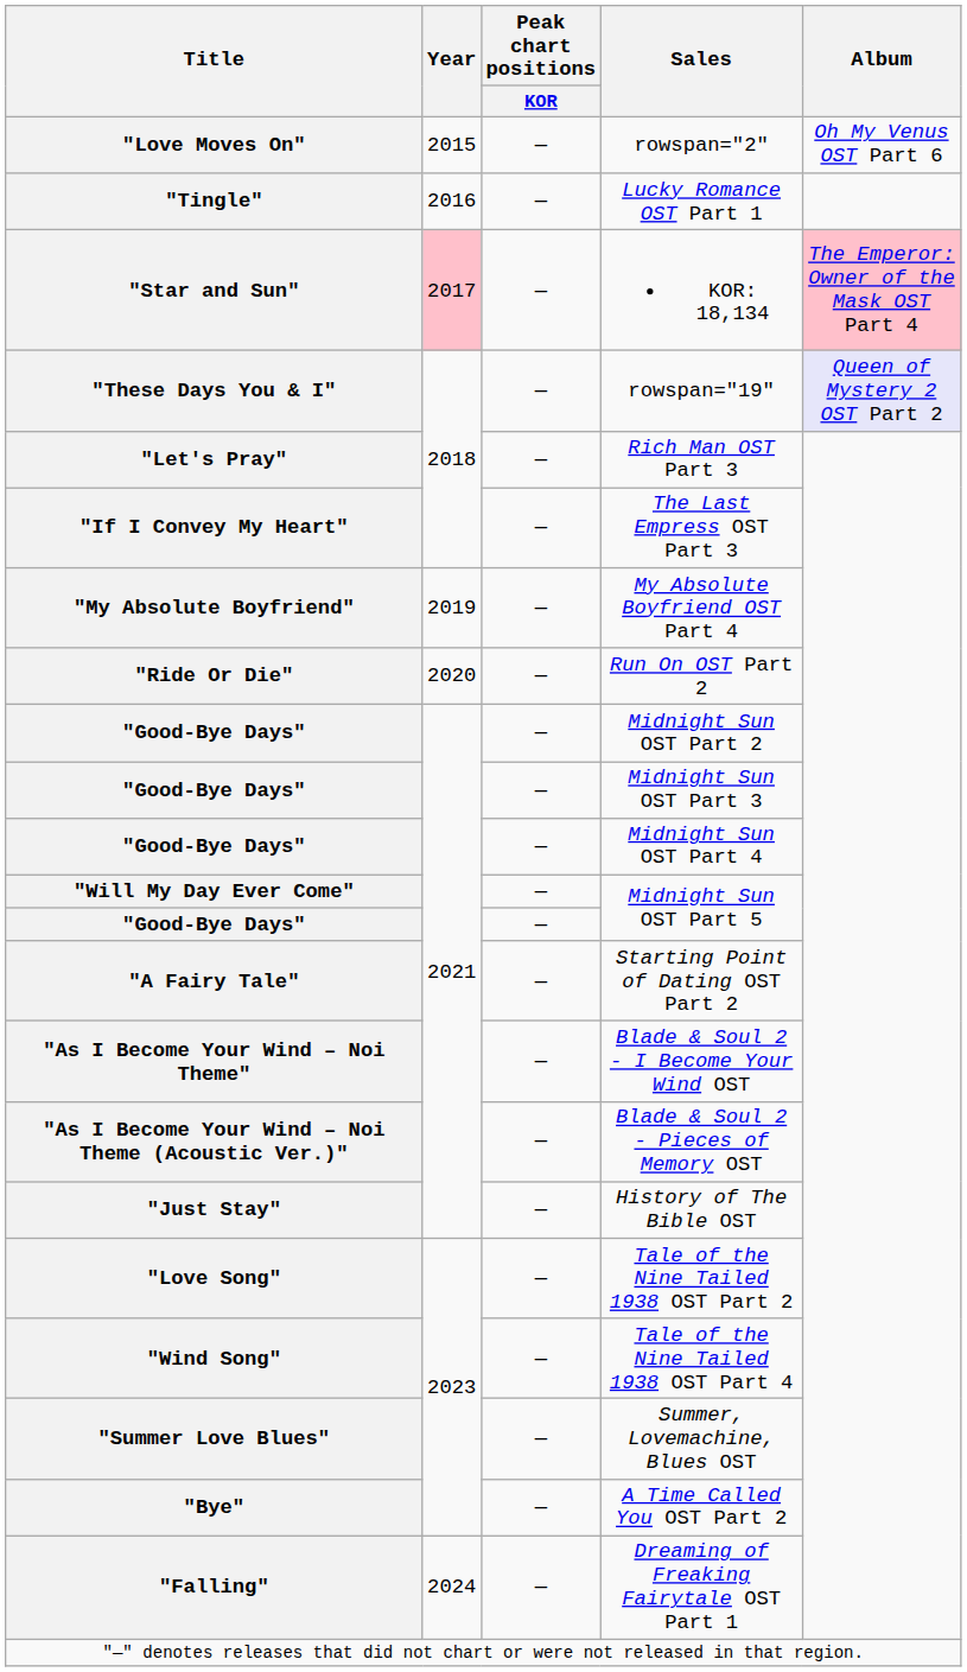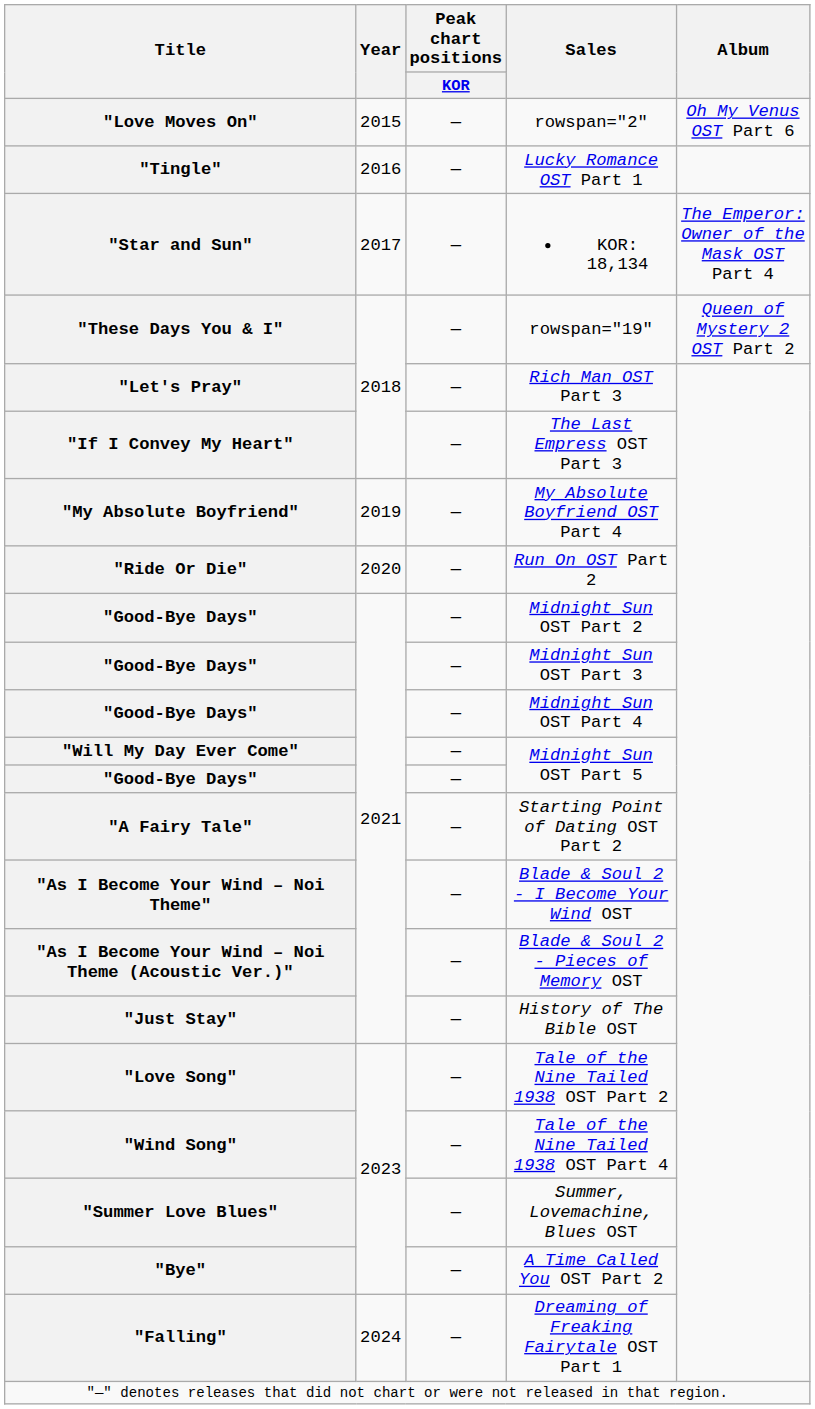 <table class="wikitable plainrowheaders" style="text-align:center;">
 <tr>
 <th rowspan="2" style="width:20em;">Title</th>
 <th rowspan="2">Year</th>
 <th colspan="1">Peak chart positions</th>
 <th rowspan="2">Sales<br></th>
 <th rowspan="2">Album</th>
 </tr>
 <tr>
 <th scope="col" style="width:3em;font-size:90%"><a href='#'>KOR</a><br></th>
 </tr>
 <tr>
 <th scope="row">"Love Moves On" </th>
 <td>2015</td>
 <td>—</td>
 <td>rowspan="2" </td>
 <td><em><a href='#'>Oh My Venus OST</a></em> Part 6</td>
 </tr>
 <tr>
 <th scope="row">"Tingle" </th>
 <td>2016</td>
 <td>—</td>
 <td><em><a href='#'>Lucky Romance OST</a></em> Part 1</td>
 </tr>
 <tr>
 <th scope="row">"Star and Sun" </th>
-<td style="background: pink;">2017</td>
+<td>2017</td>
 <td>—</td>
 <td><br><ul><li>KOR: 18,134</li></ul></td>
-<td style="background: pink;"><em><a href='#'>The Emperor: Owner of the Mask OST</a></em> Part 4</td>
+<td><em><a href='#'>The Emperor: Owner of the Mask OST</a></em> Part 4</td>
 </tr>
 <tr>
 <th scope="row">"These Days You & I" </th>
 <td rowspan="3">2018</td>
 <td>—</td>
 <td>rowspan="19" </td>
-<td style="background: lavender;"><em><a href='#'>Queen of Mystery 2 OST</a></em> Part 2</td>
+<td><em><a href='#'>Queen of Mystery 2 OST</a></em> Part 2</td>
 </tr>
 <tr>
 <th scope="row">"Let's Pray"</th>
 <td>—</td>
 <td><em><a href='#'>Rich Man OST</a></em> Part 3</td>
 </tr>
 <tr>
 <th scope="row">"If I Convey My Heart" </th>
 <td>—</td>
 <td><em><a href='#'>The Last Empress</a></em> OST Part 3</td>
 </tr>
 <tr>
 <th scope="row">"My Absolute Boyfriend" </th>
 <td>2019</td>
 <td>—</td>
 <td><em><a href='#'>My Absolute Boyfriend OST</a></em> Part 4</td>
 </tr>
 <tr>
 <th scope="row">"Ride Or Die"<br></th>
 <td>2020</td>
 <td>—</td>
 <td><em><a href='#'>Run On OST</a></em> Part 2</td>
 </tr>
 <tr>
 <th scope="row">"Good-Bye Days" <br></th>
 <td rowspan="9">2021</td>
 <td>—</td>
 <td><em><a href='#'>Midnight Sun</a></em> OST Part 2</td>
 </tr>
 <tr>
 <th scope="row">"Good-Bye Days"<br></th>
 <td>—</td>
 <td><em><a href='#'>Midnight Sun</a></em> OST Part 3</td>
 </tr>
 <tr>
 <th scope="row">"Good-Bye Days"<br></th>
 <td>—</td>
 <td><em><a href='#'>Midnight Sun</a></em> OST Part 4</td>
 </tr>
 <tr>
 <th scope="row">"Will My Day Ever Come" </th>
 <td>—</td>
 <td rowspan="2"><em><a href='#'>Midnight Sun</a></em> OST Part 5</td>
 </tr>
 <tr>
 <th scope="row">"Good-Bye Days"<br></th>
 <td>—</td>
 </tr>
 <tr>
 <th scope="row">"A Fairy Tale" </th>
 <td>—</td>
 <td><em>Starting Point of Dating</em> OST Part 2</td>
 </tr>
 <tr>
 <th scope="row">"As I Become Your Wind – Noi Theme" </th>
 <td>—</td>
 <td><em><a href='#'>Blade & Soul 2 - I Become Your Wind</a></em> OST</td>
 </tr>
 <tr>
 <th scope="row">"As I Become Your Wind – Noi Theme (Acoustic Ver.)" </th>
 <td>—</td>
 <td><em><a href='#'>Blade & Soul 2 - Pieces of Memory</a></em> OST</td>
 </tr>
 <tr>
 <th scope="row">"Just Stay" </th>
 <td>—</td>
 <td><em>History of The Bible</em> OST</td>
 </tr>
 <tr>
 <th scope="row">"Love Song" </th>
 <td rowspan="4">2023</td>
 <td>—</td>
 <td><em><a href='#'>Tale of the Nine Tailed 1938</a></em> OST Part 2</td>
 </tr>
 <tr>
 <th scope="row">"Wind Song" </th>
 <td>—</td>
 <td><em><a href='#'>Tale of the Nine Tailed 1938</a></em> OST Part 4</td>
 </tr>
 <tr>
 <th scope="row">"Summer Love Blues" </th>
 <td>—</td>
 <td><em>Summer, Lovemachine, Blues</em> OST</td>
 </tr>
 <tr>
 <th scope="row">"Bye" </th>
 <td>—</td>
 <td><em><a href='#'>A Time Called You</a></em> OST Part 2</td>
 </tr>
 <tr>
 <th scope="row">"Falling" </th>
 <td rowspan="1">2024</td>
 <td>—</td>
 <td><em><a href='#'>Dreaming of Freaking Fairytale</a></em> OST Part 1</td>
 </tr>
 <tr>
 <td colspan="5" style="font-size:8pt;">"—" denotes releases that did not chart or were not released in that region.</td>
 </tr>
 </table>
